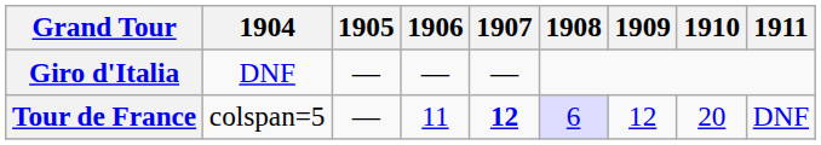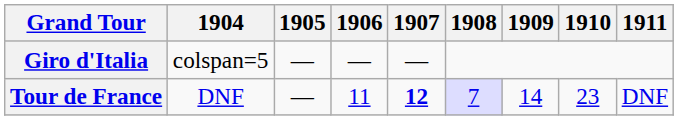 <table class="wikitable plainrowheaders">
 <tr>
 <th scope="col"><a href='#'>Grand Tour</a></th>
 <th scope="col">1904</th>
 <th scope="col">1905</th>
 <th scope="col">1906</th>
 <th scope="col">1907</th>
 <th scope="col">1908</th>
 <th scope="col">1909</th>
 <th scope="col">1910</th>
 <th scope="col">1911</th>
 </tr>
 <tr style="text-align:center;">
 <th scope="row"> <a href='#'>Giro d'Italia</a></th>
-<td style="text-align:center;"><a href='#'>DNF</a></td>
+<td>colspan=5 </td>
 <td>—</td>
 <td>—</td>
 <td>—</td>
 </tr>
 <tr style="text-align:center;">
 <th scope="row"> <a href='#'>Tour de France</a></th>
-<td>colspan=5 </td>
+<td style="text-align:center;"><a href='#'>DNF</a></td>
 <td>—</td>
 <td style="text-align:center;"><a href='#'>11</a></td>
 <td style="text-align:center;"><strong><a href='#'>12</a></strong></td>
-<td style="text-align:center; background:#ddf;"><a href='#'>6</a></td>
-<td style="text-align:center;"><a href='#'>12</a></td>
-<td style="text-align:center;"><a href='#'>20</a></td>
+<td style="text-align:center; background:#ddf;"><a href='#'>7</a></td>
+<td style="text-align:center;"><a href='#'>14</a></td>
+<td style="text-align:center;"><a href='#'>23</a></td>
 <td style="text-align:center;"><a href='#'>DNF</a></td>
 </tr>
 </table>
